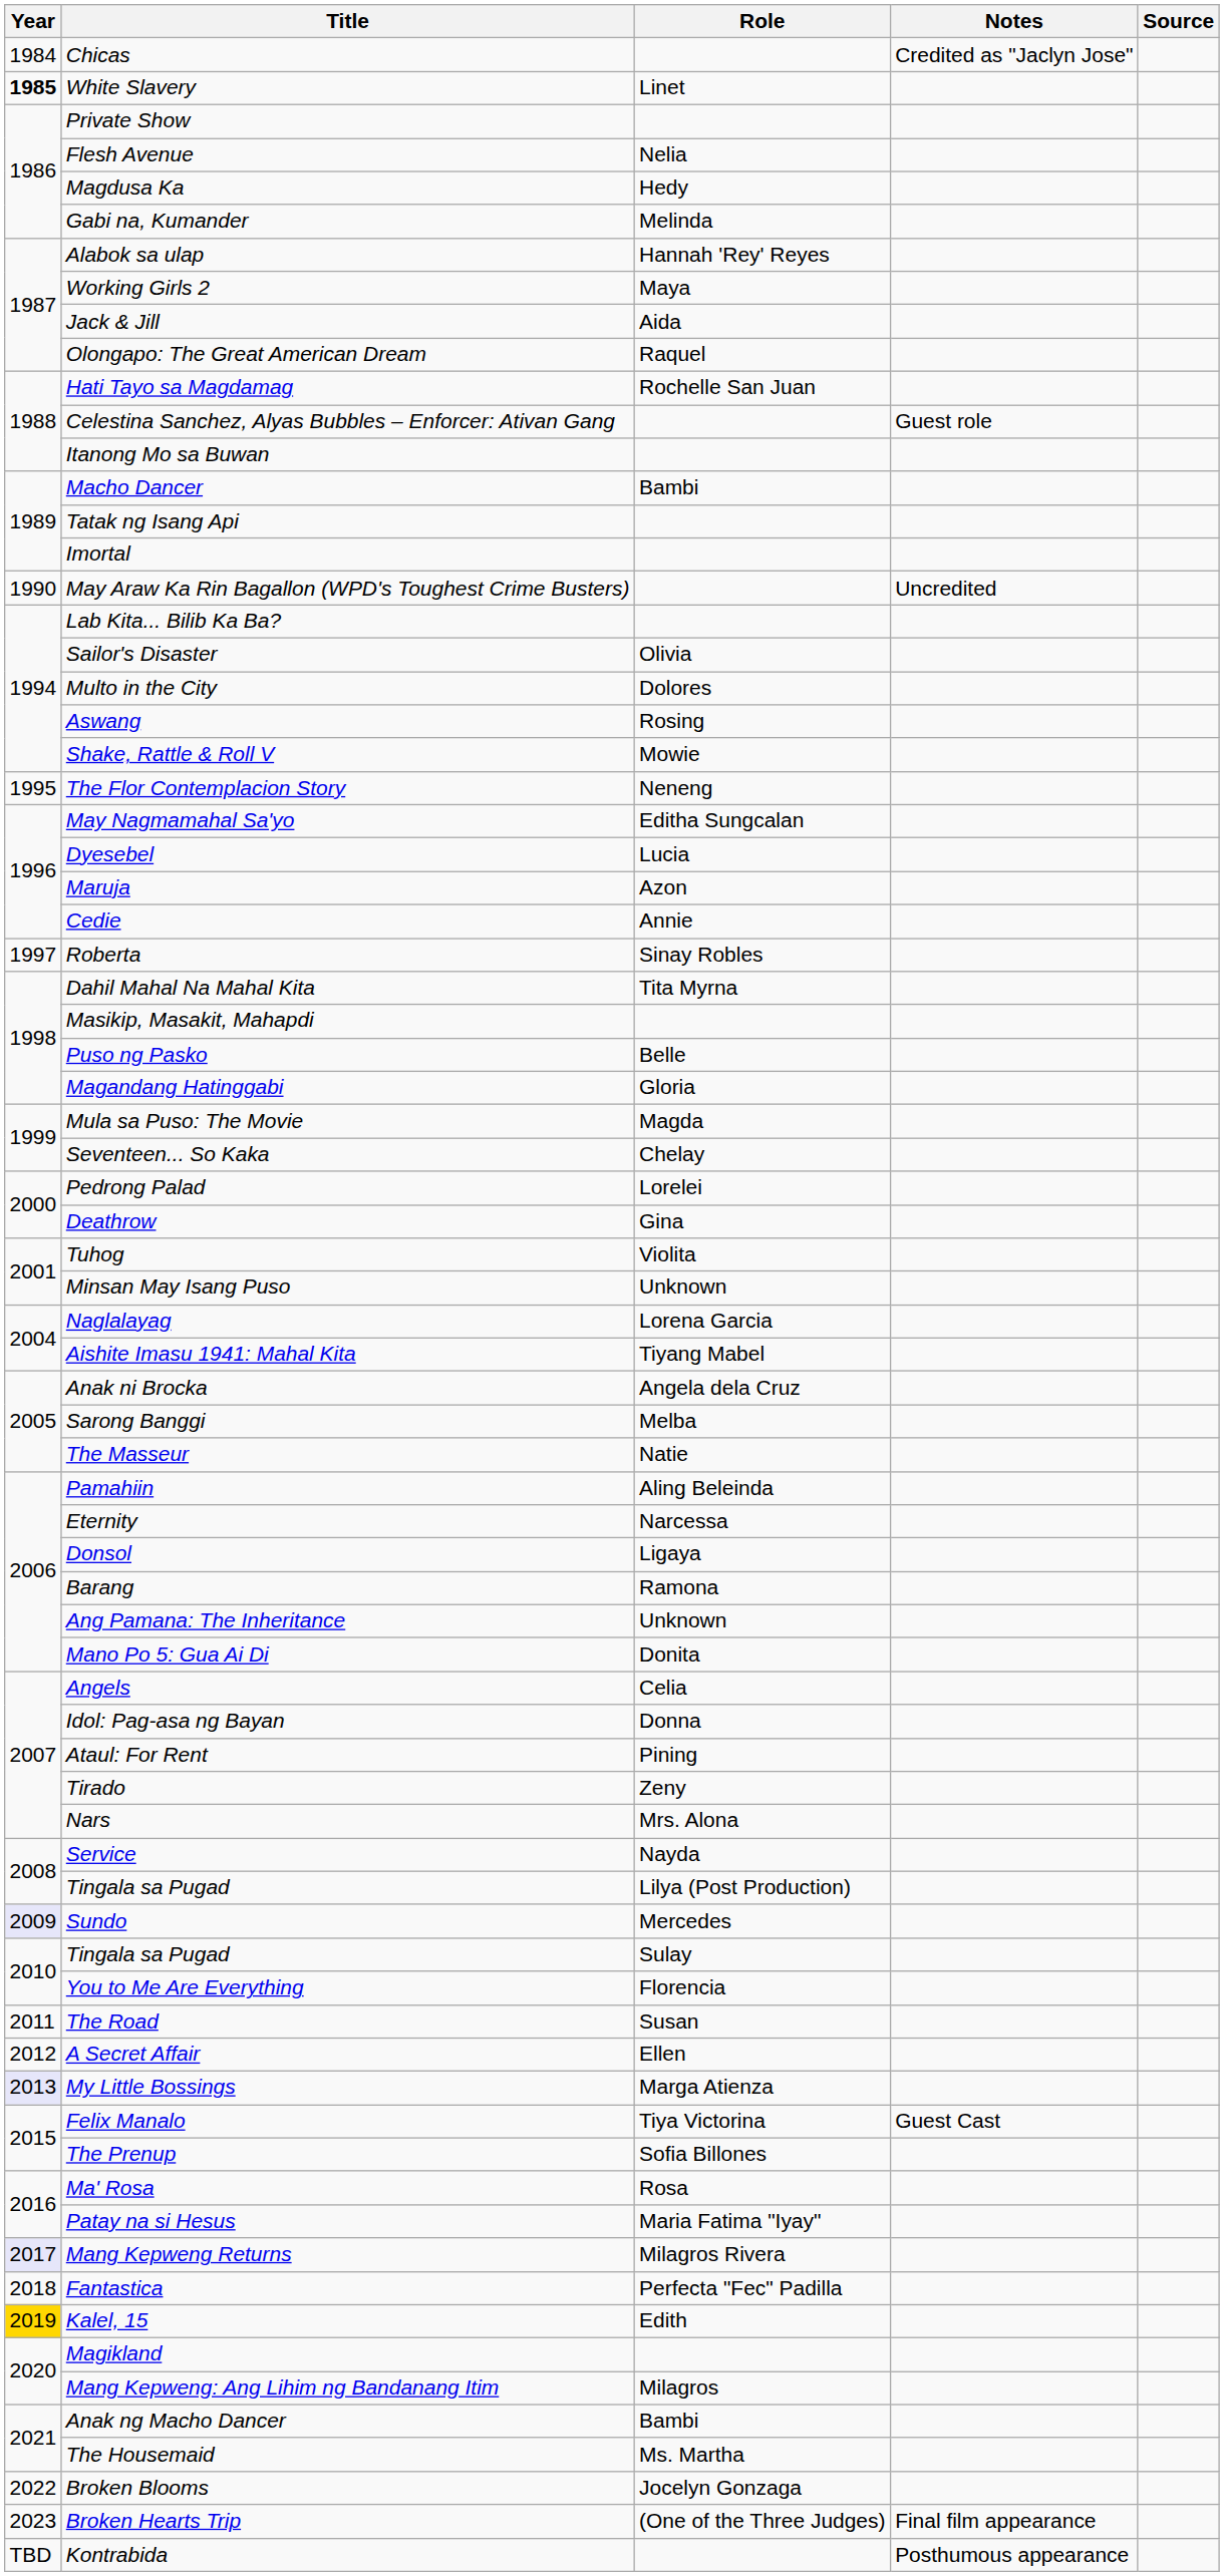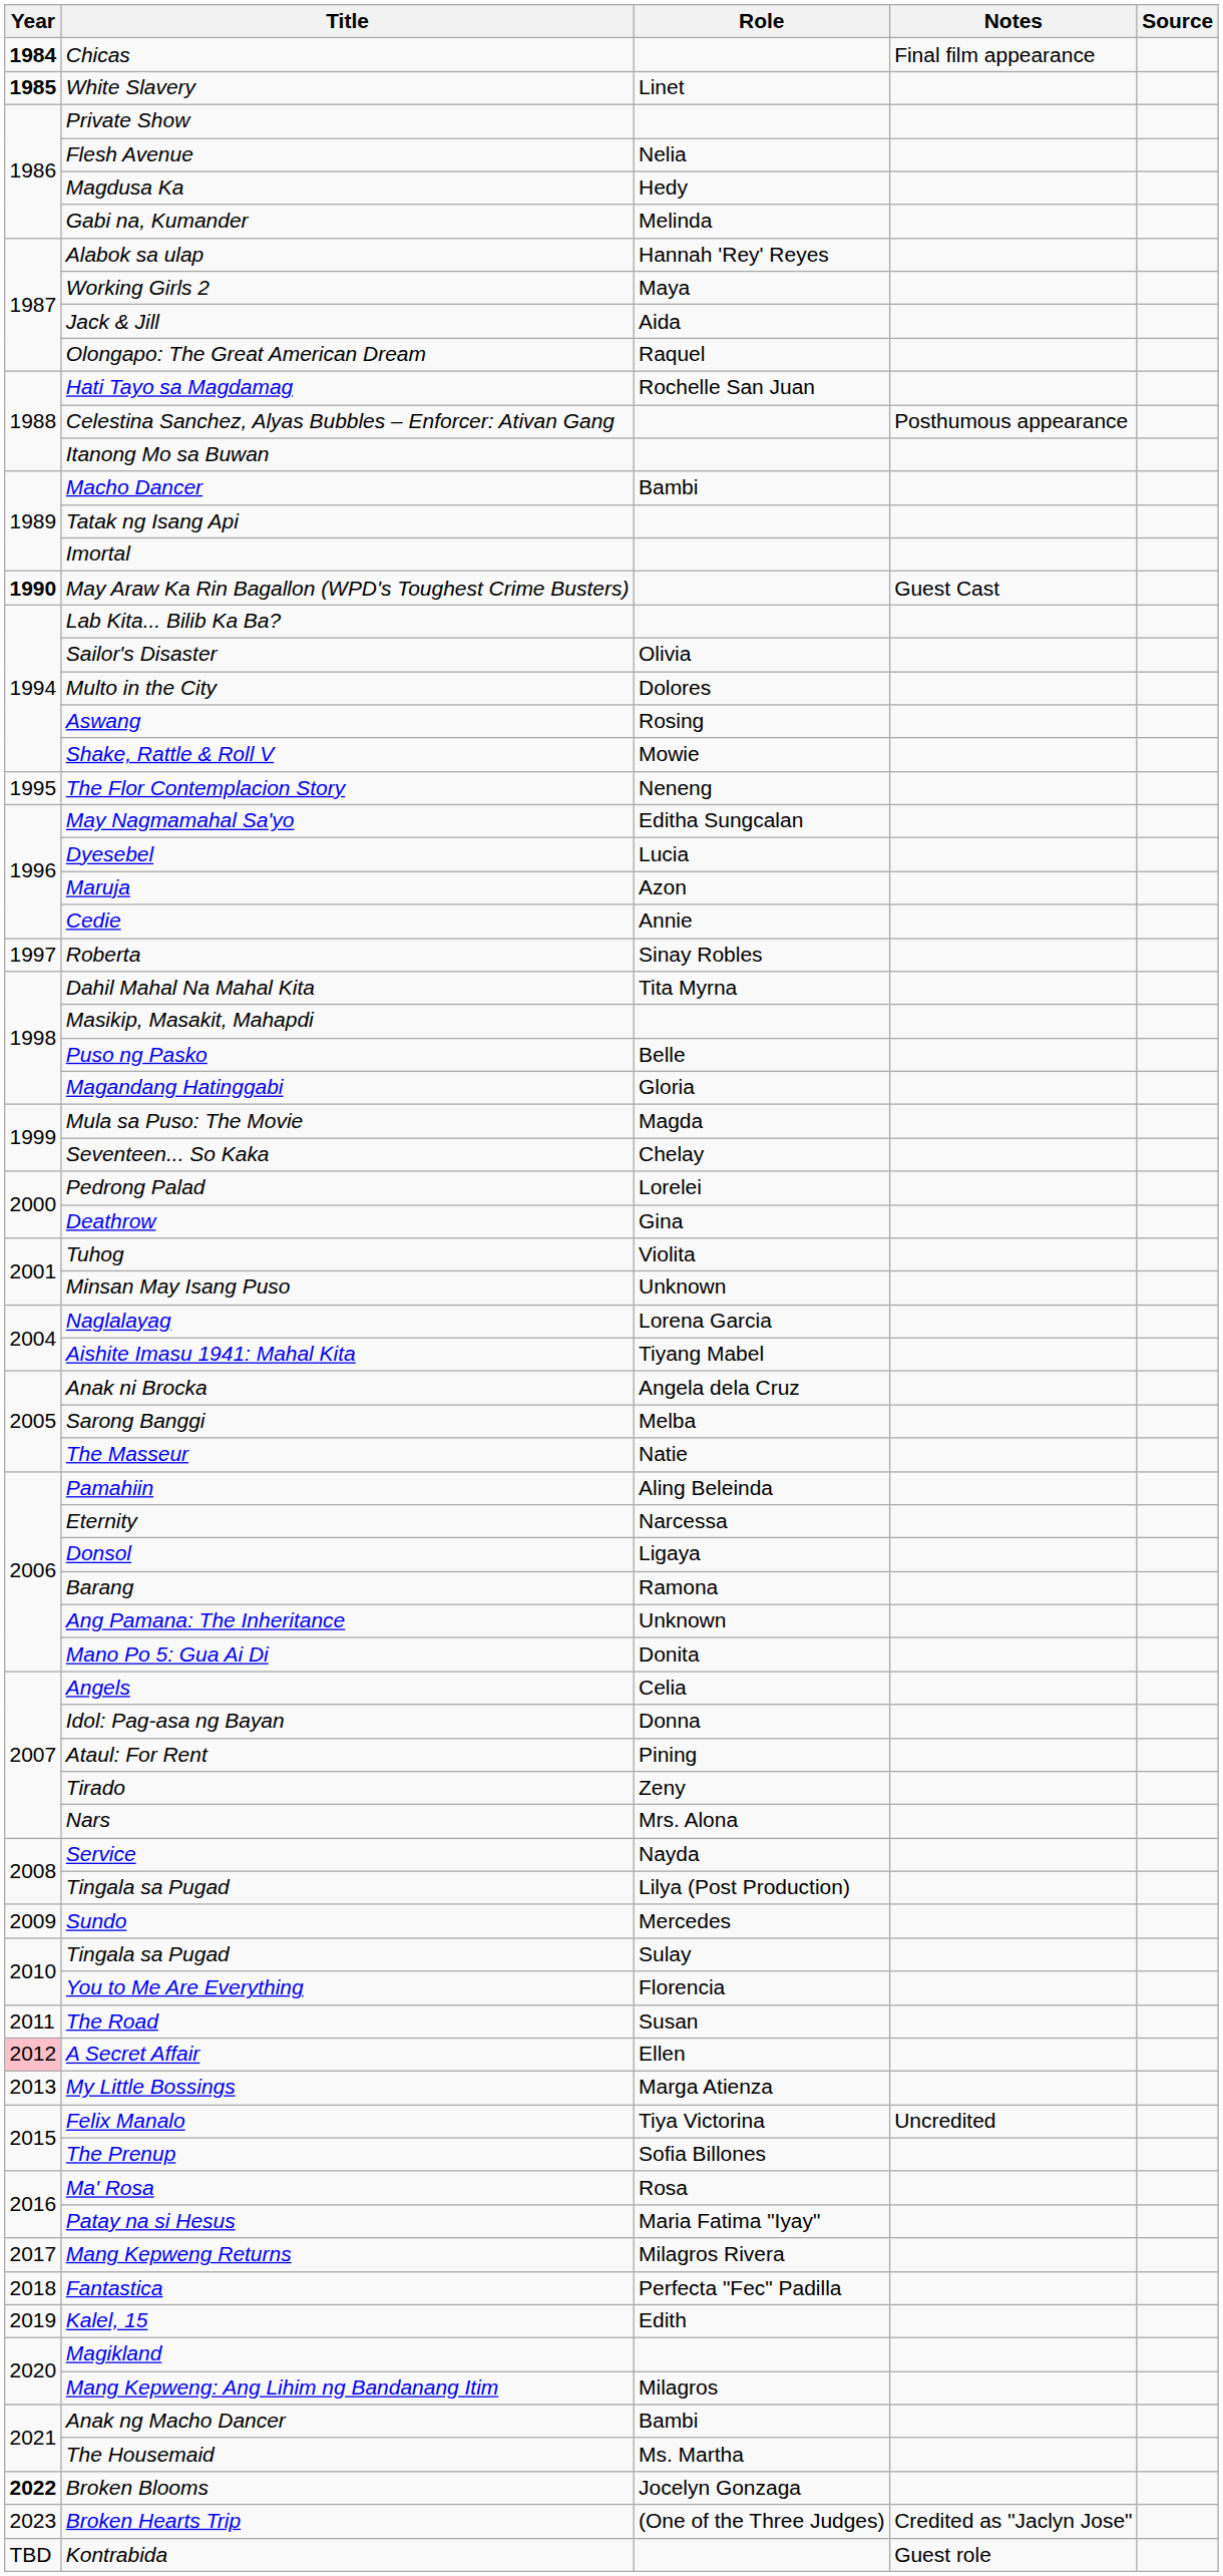 <table class="wikitable sortable">
 <tr>
 <th>Year</th>
 <th>Title</th>
 <th>Role</th>
 <th class="unsortable">Notes</th>
 <th class="unsortable">Source</th>
 </tr>
 <tr>
-<td>1984</td>
+<td><strong>1984</strong></td>
 <td><em>Chicas</em></td>
 <td></td>
-<td>Credited as "Jaclyn Jose"</td>
+<td>Final film appearance</td>
 <td></td>
 </tr>
 <tr>
 <td><strong>1985</strong></td>
 <td><em>White Slavery</em></td>
 <td>Linet</td>
 <td></td>
 <td></td>
 </tr>
 <tr>
 <td Rowspan="4">1986</td>
 <td><em>Private Show</em></td>
 <td></td>
 <td></td>
 <td></td>
 </tr>
 <tr>
 <td><em>Flesh Avenue</em></td>
 <td>Nelia</td>
 <td></td>
 <td></td>
 </tr>
 <tr>
 <td><em>Magdusa Ka</em></td>
 <td>Hedy</td>
 <td></td>
 <td></td>
 </tr>
 <tr>
 <td><em>Gabi na, Kumander</em></td>
 <td>Melinda</td>
 <td></td>
 <td></td>
 </tr>
 <tr>
 <td rowspan="4">1987</td>
 <td><em>Alabok sa ulap</em></td>
 <td>Hannah 'Rey' Reyes</td>
 <td></td>
 <td></td>
 </tr>
 <tr>
 <td><em>Working Girls 2</em></td>
 <td>Maya</td>
 <td></td>
 <td></td>
 </tr>
 <tr>
 <td><em>Jack & Jill</em></td>
 <td>Aida</td>
 <td></td>
 <td></td>
 </tr>
 <tr>
 <td><em>Olongapo: The Great American Dream</em></td>
 <td>Raquel</td>
 <td></td>
 <td></td>
 </tr>
 <tr>
 <td Rowspan="3">1988</td>
 <td><em><a href='#'>Hati Tayo sa Magdamag</a></em></td>
 <td>Rochelle San Juan</td>
 <td></td>
 <td></td>
 </tr>
 <tr>
 <td><em>Celestina Sanchez, Alyas Bubbles – Enforcer: Ativan Gang</em></td>
 <td></td>
-<td>Guest role</td>
+<td>Posthumous appearance</td>
 <td></td>
 </tr>
 <tr>
 <td><em>Itanong Mo sa Buwan</em></td>
 <td></td>
 <td></td>
 <td></td>
 </tr>
 <tr>
 <td rowspan="3">1989</td>
 <td><em><a href='#'>Macho Dancer</a></em></td>
 <td>Bambi</td>
 <td></td>
 <td></td>
 </tr>
 <tr>
 <td><em>Tatak ng Isang Api</em></td>
 <td></td>
 <td></td>
 <td></td>
 </tr>
 <tr>
 <td><em>Imortal</em></td>
 <td></td>
 <td></td>
 <td></td>
 </tr>
 <tr>
-<td>1990</td>
+<td><strong>1990</strong></td>
 <td><em>May Araw Ka Rin Bagallon (WPD's Toughest Crime Busters)</em></td>
 <td></td>
-<td>Uncredited</td>
+<td>Guest Cast</td>
 <td></td>
 </tr>
 <tr>
 <td rowspan="5">1994</td>
 <td><em>Lab Kita... Bilib Ka Ba?</em></td>
 <td></td>
 <td></td>
 <td></td>
 </tr>
 <tr>
 <td><em>Sailor's Disaster</em></td>
 <td>Olivia</td>
 <td></td>
 <td></td>
 </tr>
 <tr>
 <td><em>Multo in the City </em></td>
 <td>Dolores</td>
 <td></td>
 <td></td>
 </tr>
 <tr>
 <td><em><a href='#'>Aswang</a></em></td>
 <td>Rosing</td>
 <td></td>
 <td></td>
 </tr>
 <tr>
 <td><em><a href='#'>Shake, Rattle & Roll V</a></em></td>
 <td>Mowie</td>
 <td></td>
 <td></td>
 </tr>
 <tr>
 <td>1995</td>
 <td><em><a href='#'>The Flor Contemplacion Story</a></em></td>
 <td>Neneng</td>
 <td></td>
 <td></td>
 </tr>
 <tr>
 <td Rowspan="4">1996</td>
 <td><em><a href='#'>May Nagmamahal Sa'yo</a></em></td>
 <td>Editha Sungcalan</td>
 <td></td>
 <td></td>
 </tr>
 <tr>
 <td><em><a href='#'>Dyesebel</a></em></td>
 <td>Lucia</td>
 <td></td>
 <td></td>
 </tr>
 <tr>
 <td><em><a href='#'>Maruja</a></em></td>
 <td>Azon </td>
 <td></td>
 <td></td>
 </tr>
 <tr>
 <td><em><a href='#'>Cedie</a></em></td>
 <td>Annie</td>
 <td></td>
 <td></td>
 </tr>
 <tr>
 <td>1997</td>
 <td><em>Roberta</em></td>
 <td>Sinay Robles</td>
 <td></td>
 <td></td>
 </tr>
 <tr>
 <td rowspan="4">1998</td>
 <td><em>Dahil Mahal Na Mahal Kita</em></td>
 <td>Tita Myrna</td>
 <td></td>
 <td></td>
 </tr>
 <tr>
 <td><em>Masikip, Masakit, Mahapdi</em></td>
 <td></td>
 <td></td>
 <td></td>
 </tr>
 <tr>
 <td><em><a href='#'>Puso ng Pasko</a></em></td>
 <td>Belle</td>
 <td></td>
 </tr>
 <tr>
 <td><em><a href='#'>Magandang Hatinggabi</a></em></td>
 <td>Gloria</td>
 <td></td>
 <td></td>
 </tr>
 <tr>
 <td rowspan="2">1999</td>
 <td><em>Mula sa Puso: The Movie</em></td>
 <td>Magda</td>
 <td></td>
 <td></td>
 </tr>
 <tr>
 <td><em>Seventeen... So Kaka</em></td>
 <td>Chelay</td>
 <td></td>
 <td></td>
 </tr>
 <tr>
 <td rowspan="2">2000</td>
 <td><em>Pedrong Palad</em></td>
 <td>Lorelei</td>
 <td></td>
 <td></td>
 </tr>
 <tr>
 <td><em><a href='#'>Deathrow</a></em></td>
 <td>Gina</td>
 <td></td>
 <td></td>
 </tr>
 <tr>
 <td rowspan="2">2001</td>
 <td><em>Tuhog</em></td>
 <td>Violita</td>
 <td></td>
 <td></td>
 </tr>
 <tr>
 <td><em>Minsan May Isang Puso</em></td>
 <td>Unknown</td>
 <td></td>
 <td></td>
 </tr>
 <tr>
 <td rowspan="2">2004</td>
 <td><em><a href='#'>Naglalayag</a></em></td>
 <td>Lorena Garcia</td>
 <td></td>
 <td></td>
 </tr>
 <tr>
 <td><em><a href='#'>Aishite Imasu 1941: Mahal Kita</a></em></td>
 <td>Tiyang Mabel</td>
 <td></td>
 <td></td>
 </tr>
 <tr>
 <td rowspan="3">2005</td>
 <td><em>Anak ni Brocka</em></td>
 <td>Angela dela Cruz</td>
 <td></td>
 <td></td>
 </tr>
 <tr>
 <td><em>Sarong Banggi</em></td>
 <td>Melba</td>
 <td></td>
 <td></td>
 </tr>
 <tr>
 <td><em><a href='#'>The Masseur</a></em></td>
 <td>Natie</td>
 <td></td>
 <td></td>
 </tr>
 <tr>
 <td rowspan="6">2006</td>
 <td><em><a href='#'>Pamahiin</a></em></td>
 <td>Aling Beleinda</td>
 <td></td>
 <td></td>
 </tr>
 <tr>
 <td><em>Eternity</em></td>
 <td>Narcessa</td>
 <td></td>
 <td></td>
 </tr>
 <tr>
 <td><em><a href='#'>Donsol</a></em></td>
 <td>Ligaya</td>
 <td></td>
 <td></td>
 </tr>
 <tr>
 <td><em>Barang</em></td>
 <td>Ramona</td>
 <td></td>
 <td></td>
 </tr>
 <tr>
 <td><em><a href='#'>Ang Pamana: The Inheritance</a></em></td>
 <td>Unknown</td>
 <td></td>
 <td></td>
 </tr>
 <tr>
 <td><em><a href='#'>Mano Po 5: Gua Ai Di</a></em></td>
 <td>Donita</td>
 <td></td>
 <td></td>
 </tr>
 <tr>
 <td rowspan="5">2007</td>
 <td><em><a href='#'>Angels</a></em></td>
 <td>Celia</td>
 <td></td>
 <td></td>
 </tr>
 <tr>
 <td><em>Idol: Pag-asa ng Bayan</em></td>
 <td>Donna</td>
 <td></td>
 <td></td>
 </tr>
 <tr>
 <td><em>Ataul: For Rent</em></td>
 <td>Pining</td>
 <td></td>
 <td></td>
 </tr>
 <tr>
 <td><em>Tirado</em></td>
 <td>Zeny</td>
 <td></td>
 <td></td>
 </tr>
 <tr>
 <td><em>Nars</em></td>
 <td>Mrs. Alona</td>
 <td></td>
 <td></td>
 </tr>
 <tr>
 <td rowspan="2">2008</td>
 <td><em><a href='#'>Service</a></em></td>
 <td>Nayda</td>
 <td></td>
 <td></td>
 </tr>
 <tr>
 <td><em>Tingala sa Pugad</em></td>
 <td>Lilya (Post Production)</td>
 <td></td>
 <td></td>
 </tr>
 <tr>
-<td style="background: lavender;">2009</td>
+<td>2009</td>
 <td><em><a href='#'>Sundo</a></em></td>
 <td>Mercedes</td>
 <td></td>
 <td></td>
 </tr>
 <tr>
 <td rowspan="2">2010</td>
 <td><em>Tingala sa Pugad</em></td>
 <td>Sulay</td>
 <td></td>
 <td></td>
 </tr>
 <tr>
 <td><em><a href='#'>You to Me Are Everything</a></em></td>
 <td>Florencia</td>
 <td></td>
 <td></td>
 </tr>
 <tr>
 <td>2011</td>
 <td><em><a href='#'>The Road</a></em></td>
 <td>Susan</td>
 <td></td>
 <td></td>
 </tr>
 <tr>
-<td>2012</td>
+<td style="background: pink;">2012</td>
 <td><em><a href='#'>A Secret Affair</a></em></td>
 <td>Ellen</td>
 <td></td>
 <td></td>
 </tr>
 <tr>
-<td style="background: lavender;">2013</td>
+<td>2013</td>
 <td><em><a href='#'>My Little Bossings</a></em></td>
 <td>Marga Atienza</td>
 <td></td>
 <td></td>
 </tr>
 <tr>
 <td rowspan="2">2015</td>
 <td><em><a href='#'>Felix Manalo</a></em></td>
 <td>Tiya Victorina</td>
-<td>Guest Cast</td>
+<td>Uncredited</td>
 <td></td>
 </tr>
 <tr>
 <td><em><a href='#'>The Prenup</a></em></td>
 <td>Sofia Billones</td>
 <td></td>
 <td></td>
 </tr>
 <tr>
 <td Rowspan="2">2016</td>
 <td><em><a href='#'>Ma' Rosa</a></em></td>
 <td>Rosa</td>
 <td></td>
 <td></td>
 </tr>
 <tr>
 <td><em><a href='#'>Patay na si Hesus</a></em></td>
 <td>Maria Fatima "Iyay"</td>
 <td></td>
 <td></td>
 </tr>
 <tr>
-<td style="background: lavender;">2017</td>
+<td>2017</td>
 <td><em><a href='#'>Mang Kepweng Returns</a></em></td>
 <td>Milagros Rivera</td>
 <td></td>
 <td></td>
 </tr>
 <tr>
 <td>2018</td>
 <td><em><a href='#'>Fantastica</a></em></td>
 <td>Perfecta "Fec" Padilla</td>
 <td></td>
 <td></td>
 </tr>
 <tr>
-<td style="background: gold;">2019</td>
+<td>2019</td>
 <td><em><a href='#'>Kalel, 15</a></em></td>
 <td>Edith</td>
 <td></td>
 <td></td>
 </tr>
 <tr>
 <td rowspan="2">2020</td>
 <td><em><a href='#'>Magikland</a></em></td>
 <td></td>
 <td></td>
 <td></td>
 </tr>
 <tr>
 <td><em><a href='#'>Mang Kepweng: Ang Lihim ng Bandanang Itim</a></em></td>
 <td>Milagros</td>
 <td></td>
 <td></td>
 </tr>
 <tr>
 <td rowspan="2">2021</td>
 <td><em>Anak ng Macho Dancer</em></td>
 <td>Bambi</td>
 <td></td>
 <td></td>
 </tr>
 <tr>
 <td><em>The Housemaid</em></td>
 <td>Ms. Martha</td>
 <td></td>
 <td></td>
 </tr>
 <tr>
-<td>2022</td>
+<td><strong>2022</strong></td>
 <td><em>Broken Blooms</em></td>
 <td>Jocelyn Gonzaga</td>
 <td></td>
 <td></td>
 </tr>
 <tr>
 <td>2023</td>
 <td><em><a href='#'>Broken Hearts Trip</a></em></td>
 <td>(One of the Three Judges)</td>
-<td>Final film appearance</td>
+<td>Credited as "Jaclyn Jose"</td>
 <td></td>
 </tr>
 <tr>
 <td>TBD</td>
 <td><em>Kontrabida</em></td>
 <td></td>
-<td>Posthumous appearance</td>
+<td>Guest role</td>
 <td></td>
 </tr>
 </table>
